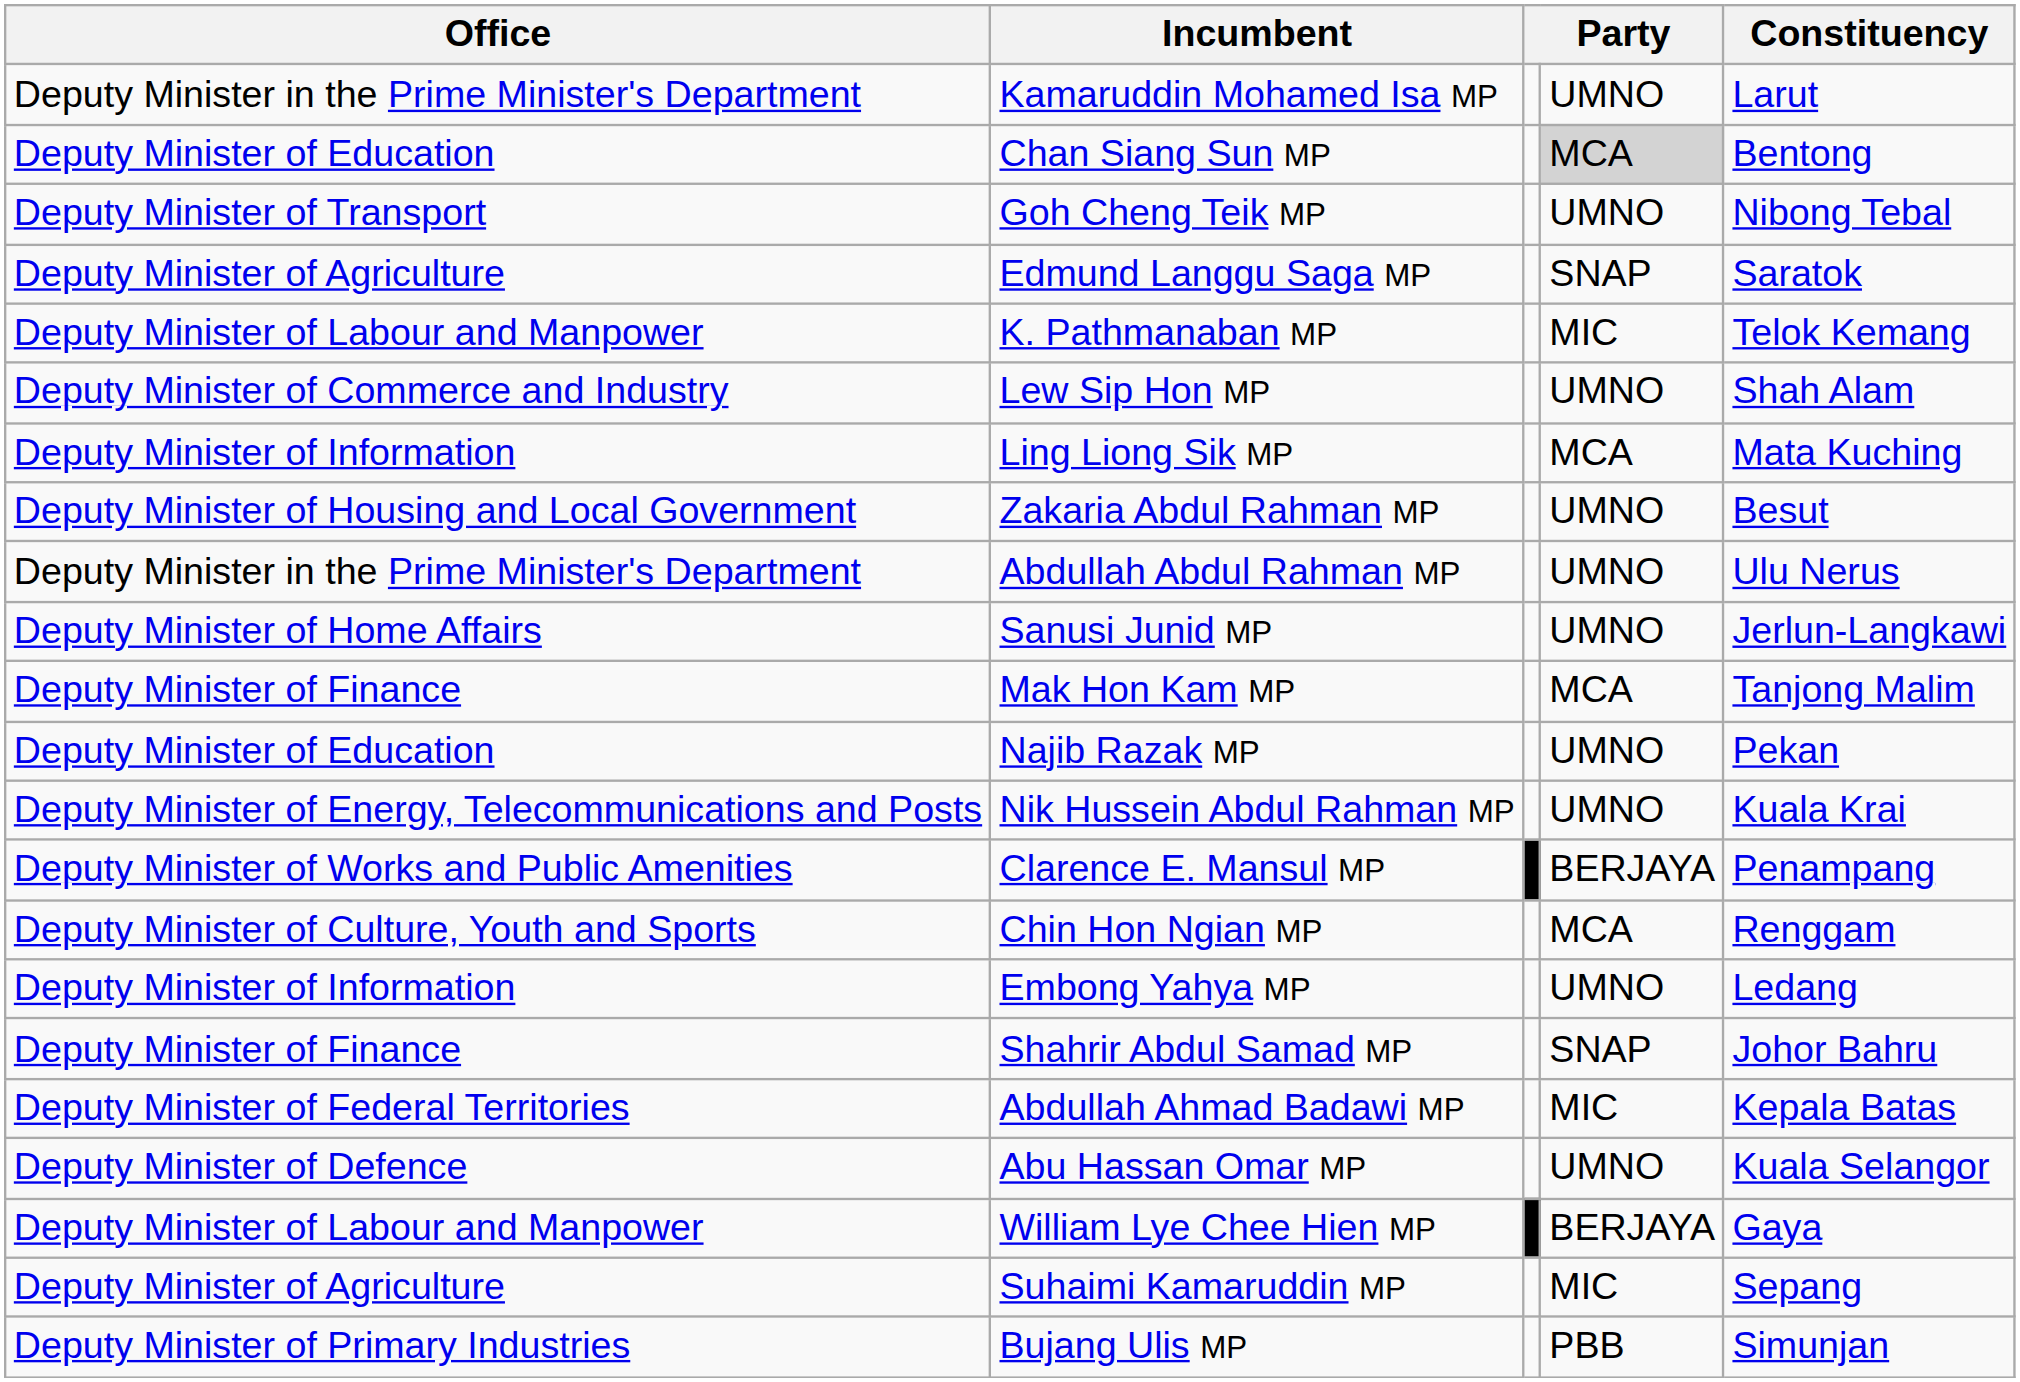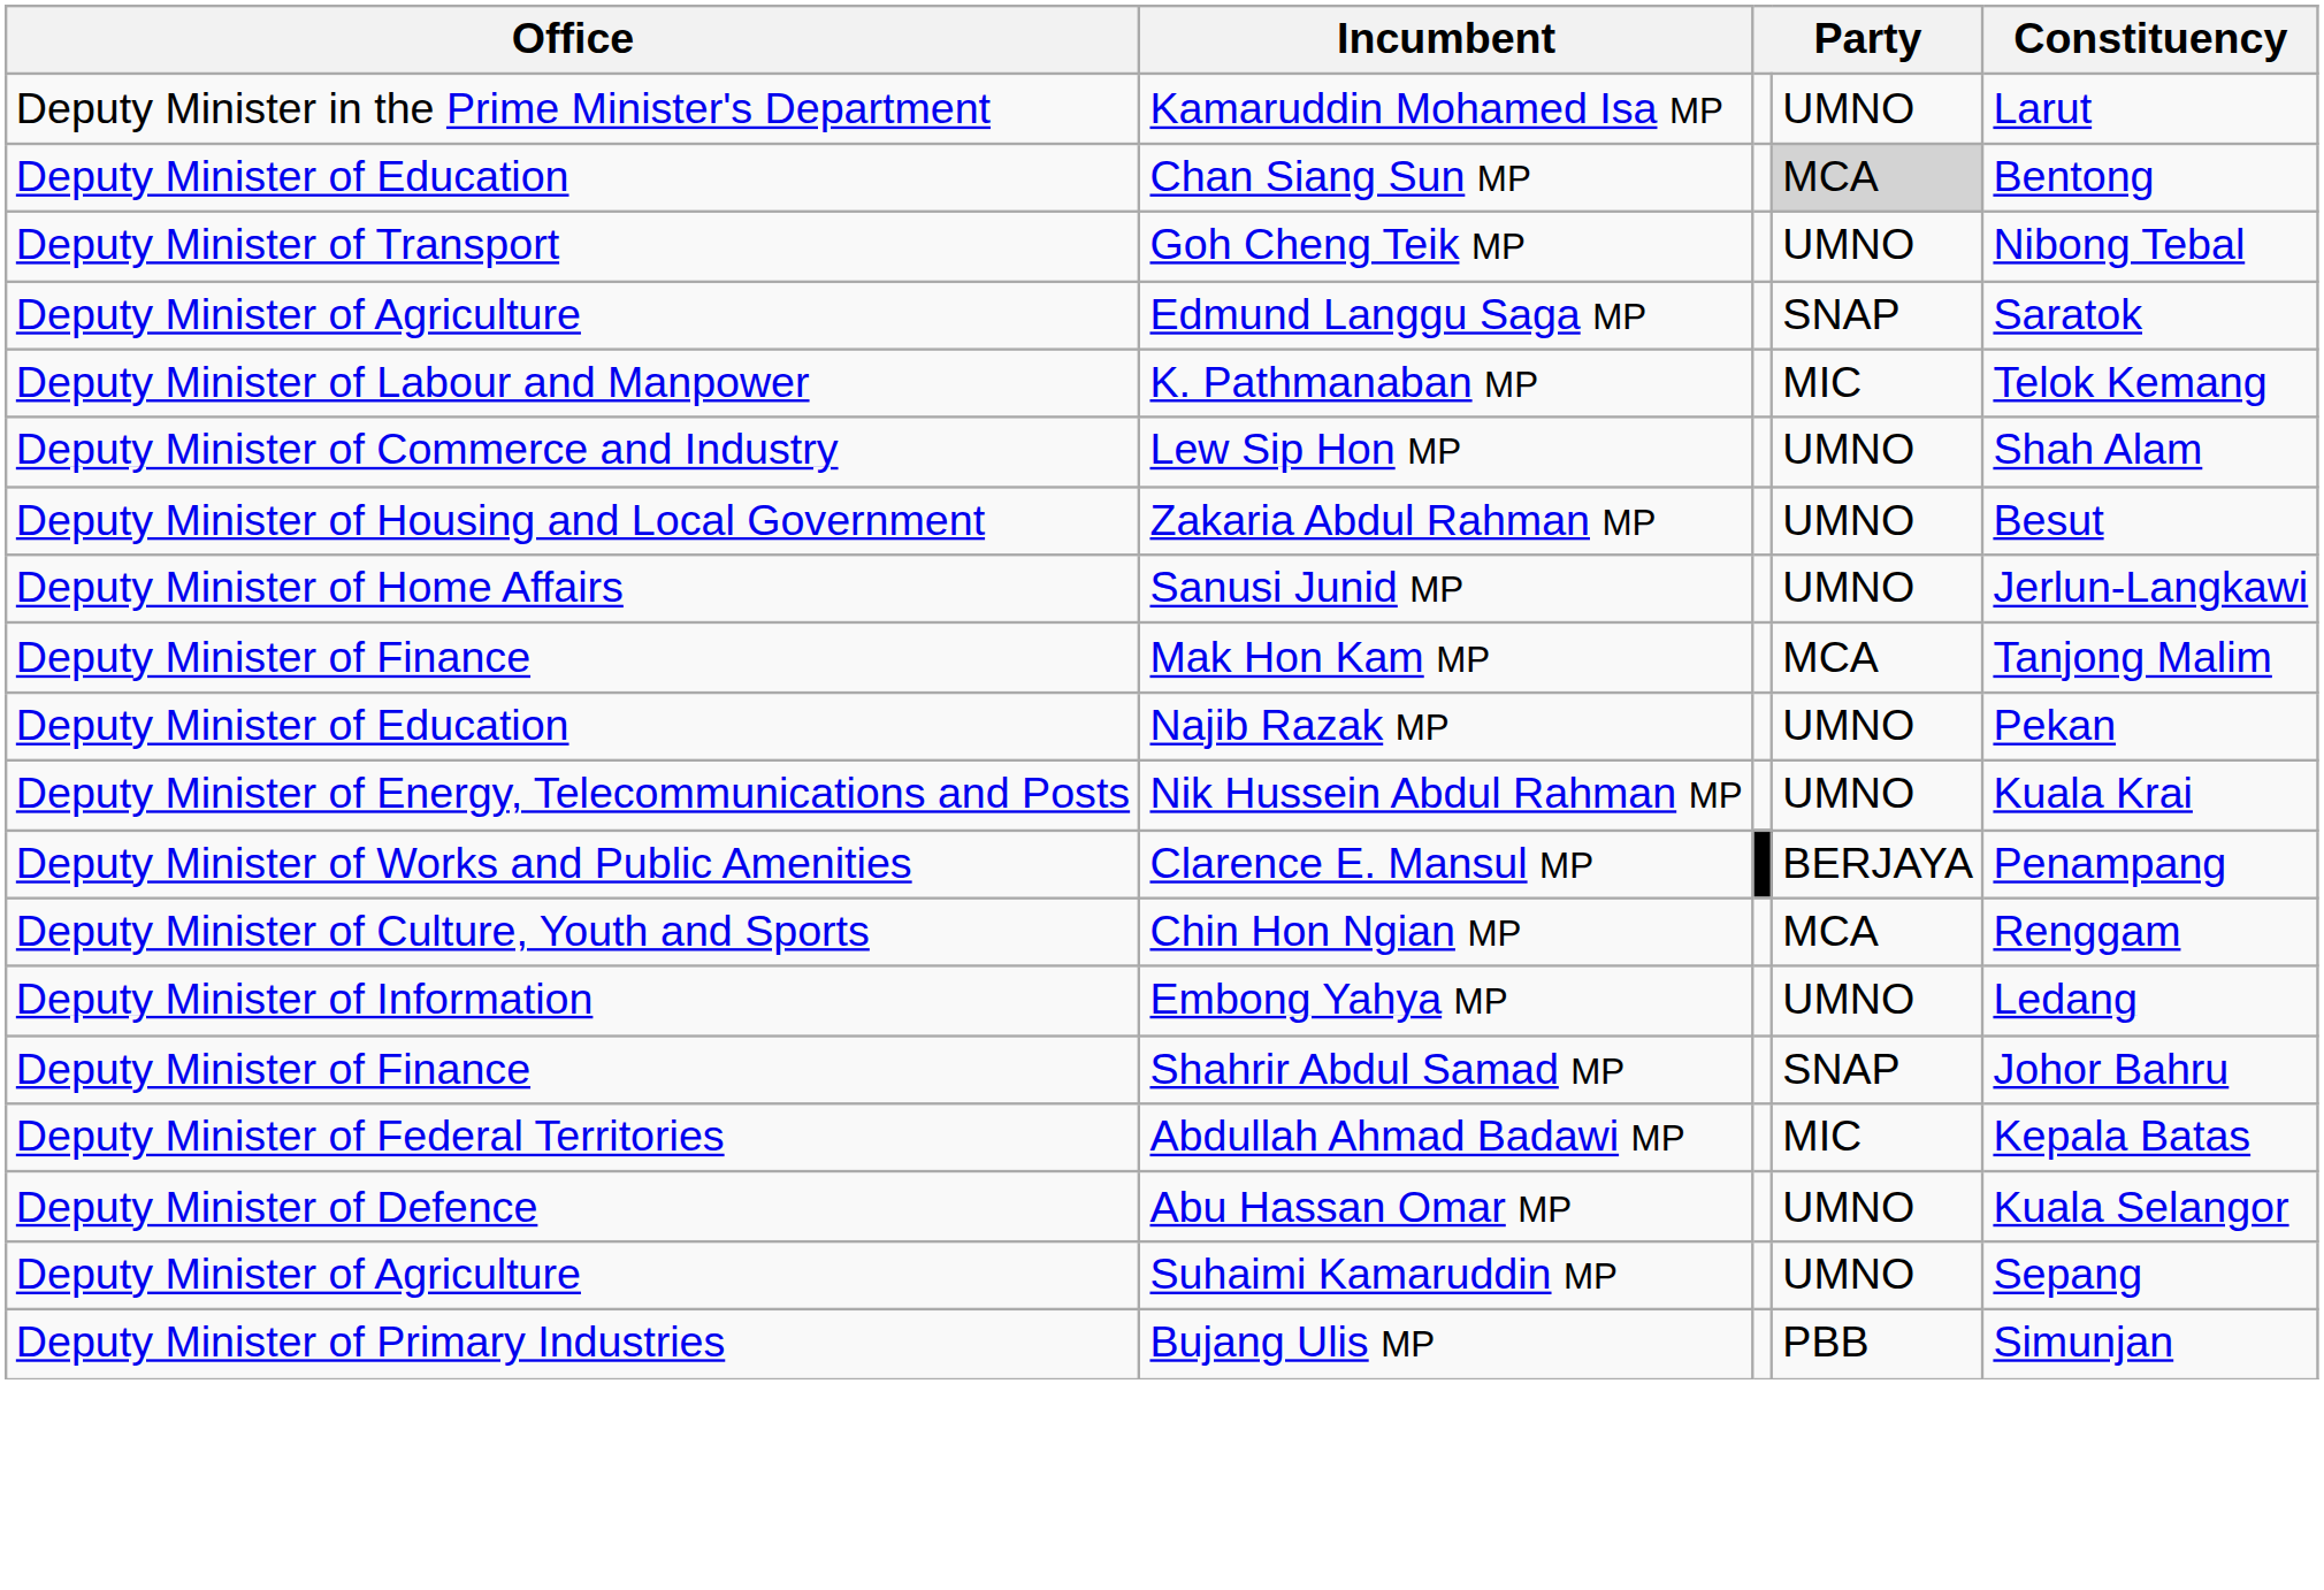 <table class="sortable wikitable">
 <tr>
 <th>Office</th>
 <th>Incumbent</th>
 <th colspan=2>Party</th>
 <th>Constituency</th>
 </tr>
 <tr>
 <td>Deputy Minister in the <a href='#'>Prime Minister's Department</a></td>
 <td><a href='#'>Kamaruddin Mohamed Isa</a> <small>MP</small></td>
 <td rowspan=1></td>
 <td>UMNO</td>
 <td><a href='#'>Larut</a></td>
 </tr>
 <tr>
 <td><a href='#'>Deputy Minister of Education</a></td>
 <td><a href='#'>Chan Siang Sun</a> <small>MP</small></td>
 <td rowspan=1></td>
 <td style="background: lightgrey;">MCA</td>
 <td><a href='#'>Bentong</a></td>
 </tr>
 <tr>
 <td><a href='#'>Deputy Minister of Transport</a></td>
 <td><a href='#'>Goh Cheng Teik</a> <small>MP</small></td>
 <td rowspan=1></td>
 <td>UMNO</td>
 <td><a href='#'>Nibong Tebal</a></td>
 </tr>
 <tr>
 <td><a href='#'>Deputy Minister of Agriculture</a></td>
 <td><a href='#'>Edmund Langgu Saga</a> <small>MP</small></td>
 <td rowspan=1></td>
 <td>SNAP</td>
 <td><a href='#'>Saratok</a></td>
 </tr>
 <tr>
 <td><a href='#'>Deputy Minister of Labour and Manpower</a></td>
 <td><a href='#'>K. Pathmanaban</a> <small>MP</small></td>
 <td rowspan=1></td>
 <td>MIC</td>
 <td><a href='#'>Telok Kemang</a></td>
 </tr>
 <tr>
 <td><a href='#'>Deputy Minister of Commerce and Industry</a></td>
 <td><a href='#'>Lew Sip Hon</a> <small>MP</small></td>
 <td rowspan=1></td>
 <td>UMNO</td>
 <td><a href='#'>Shah Alam</a></td>
 </tr>
 <tr>
-<td><a href='#'>Deputy Minister of Information</a></td>
-<td><a href='#'>Ling Liong Sik</a> <small>MP</small></td>
-<td rowspan=1></td>
-<td>MCA</td>
-<td><a href='#'>Mata Kuching</a></td>
-</tr>
-<tr>
 <td><a href='#'>Deputy Minister of Housing and Local Government</a></td>
 <td><a href='#'>Zakaria Abdul Rahman</a> <small>MP</small></td>
 <td rowspan=1></td>
 <td>UMNO</td>
 <td><a href='#'>Besut</a></td>
-</tr>
-<tr>
-<td>Deputy Minister in the <a href='#'>Prime Minister's Department</a></td>
-<td><a href='#'>Abdullah Abdul Rahman</a> <small>MP</small></td>
-<td rowspan=1></td>
-<td>UMNO</td>
-<td><a href='#'>Ulu Nerus</a></td>
 </tr>
 <tr>
 <td><a href='#'>Deputy Minister of Home Affairs</a></td>
 <td><a href='#'>Sanusi Junid</a> <small>MP</small></td>
 <td rowspan=1></td>
 <td>UMNO</td>
 <td><a href='#'>Jerlun-Langkawi</a></td>
 </tr>
 <tr>
 <td><a href='#'>Deputy Minister of Finance</a></td>
 <td><a href='#'>Mak Hon Kam</a> <small>MP</small></td>
 <td rowspan=1></td>
 <td>MCA</td>
 <td><a href='#'>Tanjong Malim</a></td>
 </tr>
 <tr>
 <td><a href='#'>Deputy Minister of Education</a></td>
 <td><a href='#'>Najib Razak</a> <small>MP</small></td>
 <td rowspan=1></td>
 <td>UMNO</td>
 <td><a href='#'>Pekan</a></td>
 </tr>
 <tr>
 <td><a href='#'>Deputy Minister of Energy, Telecommunications and Posts</a></td>
 <td><a href='#'>Nik Hussein Abdul Rahman</a> <small>MP</small></td>
 <td rowspan=1></td>
 <td>UMNO</td>
 <td><a href='#'>Kuala Krai</a></td>
 </tr>
 <tr>
 <td><a href='#'>Deputy Minister of Works and Public Amenities</a></td>
 <td><a href='#'>Clarence E. Mansul</a> <small>MP</small></td>
 <td rowspan=1 bgcolor=black></td>
 <td>BERJAYA</td>
 <td><a href='#'>Penampang</a></td>
 </tr>
 <tr>
 <td><a href='#'>Deputy Minister of Culture, Youth and Sports</a></td>
 <td><a href='#'>Chin Hon Ngian</a> <small>MP</small></td>
 <td rowspan=1></td>
 <td>MCA</td>
 <td><a href='#'>Renggam</a></td>
 </tr>
 <tr>
 <td><a href='#'>Deputy Minister of Information</a></td>
 <td><a href='#'>Embong Yahya</a> <small>MP</small></td>
 <td rowspan=1></td>
 <td>UMNO</td>
 <td><a href='#'>Ledang</a></td>
 </tr>
 <tr>
 <td><a href='#'>Deputy Minister of Finance</a></td>
 <td><a href='#'>Shahrir Abdul Samad</a> <small>MP</small></td>
 <td rowspan=1></td>
 <td>SNAP</td>
 <td><a href='#'>Johor Bahru</a></td>
 </tr>
 <tr>
 <td><a href='#'>Deputy Minister of Federal Territories</a></td>
 <td><a href='#'>Abdullah Ahmad Badawi</a> <small>MP</small></td>
 <td rowspan=1></td>
 <td>MIC</td>
 <td><a href='#'>Kepala Batas</a></td>
 </tr>
 <tr>
 <td><a href='#'>Deputy Minister of Defence</a></td>
 <td><a href='#'>Abu Hassan Omar</a> <small>MP</small></td>
 <td rowspan=1></td>
 <td>UMNO</td>
 <td><a href='#'>Kuala Selangor</a></td>
 </tr>
 <tr>
-<td><a href='#'>Deputy Minister of Labour and Manpower</a></td>
-<td><a href='#'>William Lye Chee Hien</a> <small>MP</small></td>
-<td rowspan=1 bgcolor=black></td>
-<td>BERJAYA</td>
-<td><a href='#'>Gaya</a></td>
-</tr>
-<tr>
 <td><a href='#'>Deputy Minister of Agriculture</a></td>
 <td><a href='#'>Suhaimi Kamaruddin</a> <small>MP</small></td>
 <td rowspan=1></td>
-<td>MIC</td>
+<td>UMNO</td>
 <td><a href='#'>Sepang</a></td>
 </tr>
 <tr>
 <td><a href='#'>Deputy Minister of Primary Industries</a></td>
 <td><a href='#'>Bujang Ulis</a> <small>MP</small></td>
 <td rowspan=1></td>
 <td>PBB</td>
 <td><a href='#'>Simunjan</a></td>
 </tr>
 </table>
